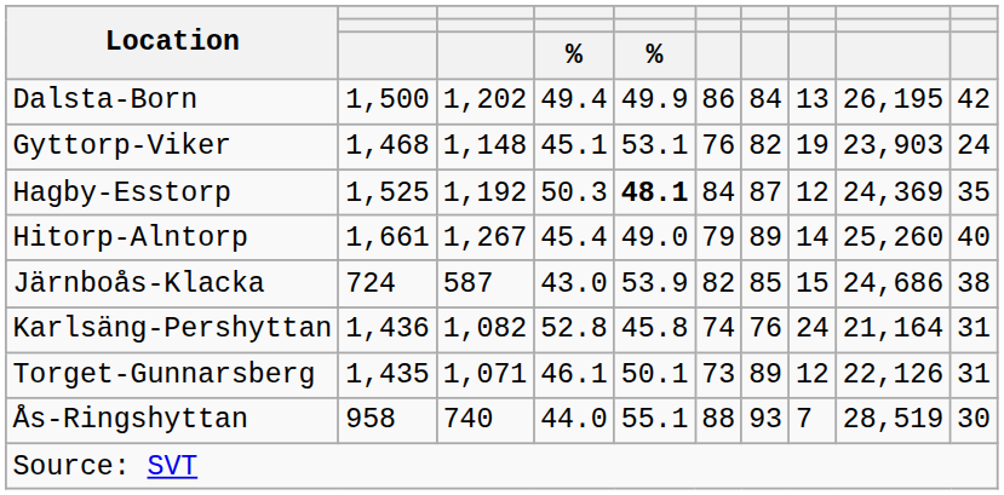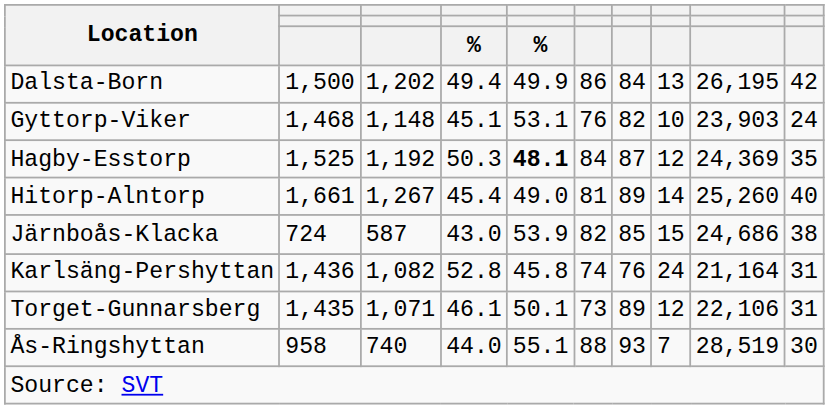 <table role="presentation" class="wikitable sortable mw-collapsible">
 <tr>
 <th rowspan="3">Location</th>
 <th></th>
 <th></th>
 <th></th>
 <th></th>
 <th></th>
 <th></th>
 <th></th>
 <th></th>
 <th></th>
 </tr>
 <tr>
 <th></th>
 <th></th>
 <th style="background:"></th>
 <th style="background:"></th>
 <th></th>
 <th></th>
 <th></th>
 <th></th>
 <th></th>
 </tr>
 <tr>
 <th data-sort-type="number"></th>
 <th data-sort-type="number"></th>
 <th data-sort-type="number">%</th>
 <th data-sort-type="number">%</th>
 <th data-sort-type="number"></th>
 <th data-sort-type="number"></th>
 <th data-sort-type="number"></th>
 <th data-sort-type="number"></th>
 <th data-sort-type="number"></th>
 </tr>
 <tr>
 <td align="left">Dalsta-Born</td>
 <td>1,500</td>
 <td>1,202</td>
 <td>49.4</td>
 <td>49.9</td>
 <td>86</td>
 <td>84</td>
 <td>13</td>
 <td>26,195</td>
 <td>42</td>
 </tr>
 <tr>
 <td align="left">Gyttorp-Viker</td>
 <td>1,468</td>
 <td>1,148</td>
 <td>45.1</td>
 <td>53.1</td>
 <td>76</td>
 <td>82</td>
-<td>19</td>
+<td>10</td>
 <td>23,903</td>
 <td>24</td>
 </tr>
 <tr>
 <td align="left">Hagby-Esstorp</td>
 <td>1,525</td>
 <td>1,192</td>
 <td>50.3</td>
 <td><strong>48.1</strong></td>
 <td>84</td>
 <td>87</td>
 <td>12</td>
 <td>24,369</td>
 <td>35</td>
 </tr>
 <tr>
 <td align="left">Hitorp-Alntorp</td>
 <td>1,661</td>
 <td>1,267</td>
 <td>45.4</td>
 <td>49.0</td>
-<td>79</td>
+<td>81</td>
 <td>89</td>
 <td>14</td>
 <td>25,260</td>
 <td>40</td>
 </tr>
 <tr>
 <td align="left">Järnboås-Klacka</td>
 <td>724</td>
 <td>587</td>
 <td>43.0</td>
 <td>53.9</td>
 <td>82</td>
 <td>85</td>
 <td>15</td>
 <td>24,686</td>
 <td>38</td>
 </tr>
 <tr>
 <td align="left">Karlsäng-Pershyttan</td>
 <td>1,436</td>
 <td>1,082</td>
 <td>52.8</td>
 <td>45.8</td>
 <td>74</td>
 <td>76</td>
 <td>24</td>
 <td>21,164</td>
 <td>31</td>
 </tr>
 <tr>
 <td align="left">Torget-Gunnarsberg</td>
 <td>1,435</td>
 <td>1,071</td>
 <td>46.1</td>
 <td>50.1</td>
 <td>73</td>
 <td>89</td>
 <td>12</td>
-<td>22,126</td>
+<td>22,106</td>
 <td>31</td>
 </tr>
 <tr>
 <td align="left">Ås-Ringshyttan</td>
 <td>958</td>
 <td>740</td>
 <td>44.0</td>
 <td>55.1</td>
 <td>88</td>
 <td>93</td>
 <td>7</td>
 <td>28,519</td>
 <td>30</td>
 </tr>
 <tr>
 <td colspan="10" align="left">Source: <a href='#'>SVT</a></td>
 </tr>
 </table>
